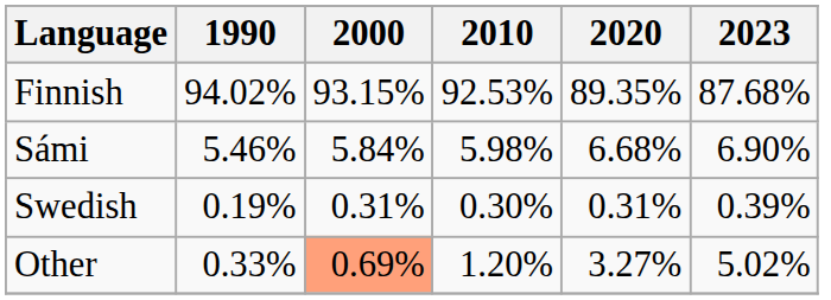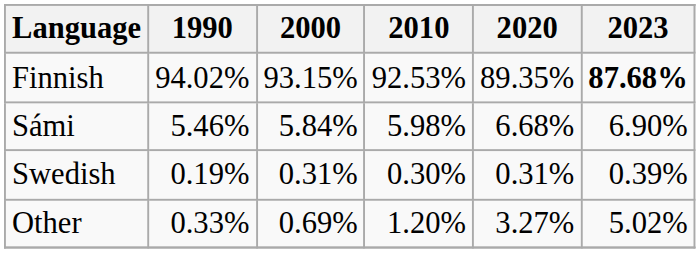 <table class="wikitable sortable">
 <tr bgcolor="#e0e0e0">
 <th rowspan="2">Language</th>
 </tr>
 <tr bgcolor="#e0e0e0">
 <th>1990</th>
 <th>2000</th>
 <th>2010</th>
 <th>2020</th>
 <th>2023</th>
 </tr>
 <tr>
 <td>Finnish</td>
 <td align="right">94.02%</td>
 <td align="right">93.15%</td>
 <td align="right">92.53%</td>
 <td align="right">89.35%</td>
-<td align="right">87.68%</td>
+<td align="right"><strong>87.68%</strong></td>
 </tr>
 <tr>
 <td>Sámi</td>
 <td align="right">5.46%</td>
 <td align="right">5.84%</td>
 <td align="right">5.98%</td>
 <td align="right">6.68%</td>
 <td align="right">6.90%</td>
 </tr>
 <tr>
 <td>Swedish</td>
 <td align="right">0.19%</td>
 <td align="right">0.31%</td>
 <td align="right">0.30%</td>
 <td align="right">0.31%</td>
 <td align="right">0.39%</td>
 </tr>
 <tr>
 <td>Other</td>
 <td align="right">0.33%</td>
-<td align="right" style="background: lightsalmon;">0.69%</td>
+<td align="right">0.69%</td>
 <td align="right">1.20%</td>
 <td align="right">3.27%</td>
 <td align="right">5.02%</td>
 </tr>
 <tr>
 </tr>
 </table>
